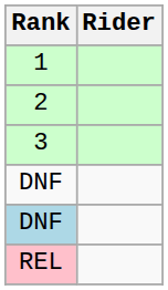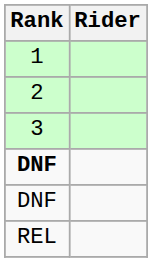 <table class="wikitable" style="font-size:95%" style="width:25em;">
 <tr>
 <th>Rank</th>
 <th>Rider</th>
 </tr>
 <tr bgcolor=ccffcc>
 <td align=center>1</td>
 <td></td>
 </tr>
 <tr bgcolor=ccffcc>
 <td align=center>2</td>
 <td></td>
 </tr>
 <tr bgcolor=ccffcc>
 <td align=center>3</td>
 <td></td>
 </tr>
 <tr>
+<td align=center><strong>DNF</strong></td>
+<td></td>
+</tr>
+<tr>
 <td align=center>DNF</td>
 <td></td>
 </tr>
 <tr>
-<td align=center style="background: lightblue;">DNF</td>
-<td></td>
-</tr>
-<tr>
-<td align=center style="background: pink;">REL</td>
+<td align=center>REL</td>
 <td></td>
 </tr>
 </table>
